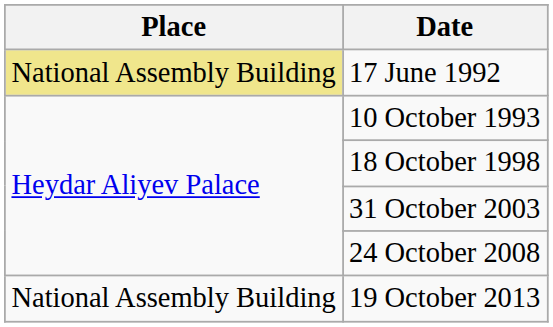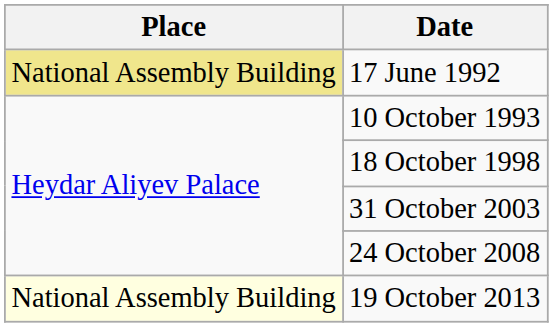 <table class="wikitable">
 <tr>
 <th>Place</th>
 <th>Date</th>
 </tr>
 <tr>
 <td style="background: khaki;">National Assembly Building</td>
 <td>17 June 1992 </td>
 </tr>
 <tr>
 <td rowspan="4"><a href='#'>Heydar Aliyev Palace</a></td>
 <td>10 October  1993 </td>
 </tr>
 <tr>
 <td>18 October 1998 </td>
 </tr>
 <tr>
 <td>31 October 2003 </td>
 </tr>
 <tr>
 <td>24 October 2008 </td>
 </tr>
 <tr>
-<td>National Assembly Building</td>
+<td style="background: lightyellow;">National Assembly Building</td>
 <td>19 October 2013 </td>
 </tr>
 </table>
